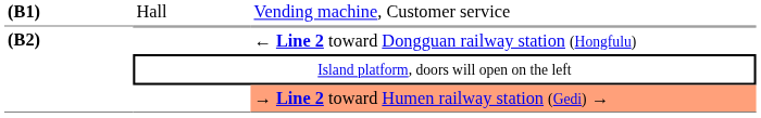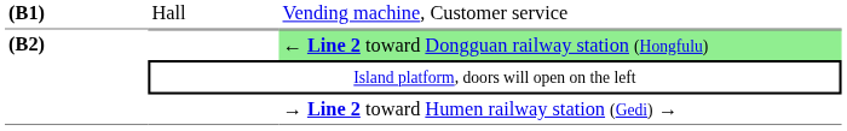 <table table border=0 cellspacing=0 cellpadding=3>
 <tr>
 <td style="border-bottom:solid 1px gray;border-top:solid 0px gray;" width=110 valign=top><strong>(B1)</strong></td>
 <td style="border-top:solid 0px gray;border-bottom:solid 1px gray;" width=100 valign=top>Hall</td>
 <td style="border-top:solid 0px gray;border-bottom:solid 1px gray;" width=390 valign=top><a href='#'>Vending machine</a>, Customer service</td>
 </tr>
 <tr>
 <td style="border-top:solid 0px gray;border-bottom:solid 1px gray;" width=110 rowspan=3 valign=top><strong>(B2)</strong></td>
 <td style="border-top:solid 1px gray;" width=100><span></span></td>
-<td style="border-top:solid 1px gray;" width=450>← <a href='#'><span><strong>Line 2</strong></span></a> toward <a href='#'>Dongguan railway station</a> <small>(<a href='#'>Hongfulu</a>)</small></td>
+<td style="background: lightgreen; border-top:solid 1px gray;" width=450>← <a href='#'><span><strong>Line 2</strong></span></a> toward <a href='#'>Dongguan railway station</a> <small>(<a href='#'>Hongfulu</a>)</small></td>
 </tr>
 <tr>
 <td style="border-top:solid 2px black;border-right:solid 2px black;border-left:solid 2px black;border-bottom:solid 2px black;text-align:center;" colspan=2><small><a href='#'>Island platform</a>, doors will open on the left</small></td>
 </tr>
 <tr>
 <td style="border-bottom:solid 1px gray;" width=100><span></span></td>
-<td style="background: lightsalmon; border-bottom:solid 1px gray;" width=390><span>→</span> <a href='#'><span><strong>Line 2</strong></span></a> toward <a href='#'>Humen railway station</a> <small>(<a href='#'>Gedi</a>)</small> →</td>
+<td style="border-bottom:solid 1px gray;" width=390><span>→</span> <a href='#'><span><strong>Line 2</strong></span></a> toward <a href='#'>Humen railway station</a> <small>(<a href='#'>Gedi</a>)</small> →</td>
 </tr>
 </table>
